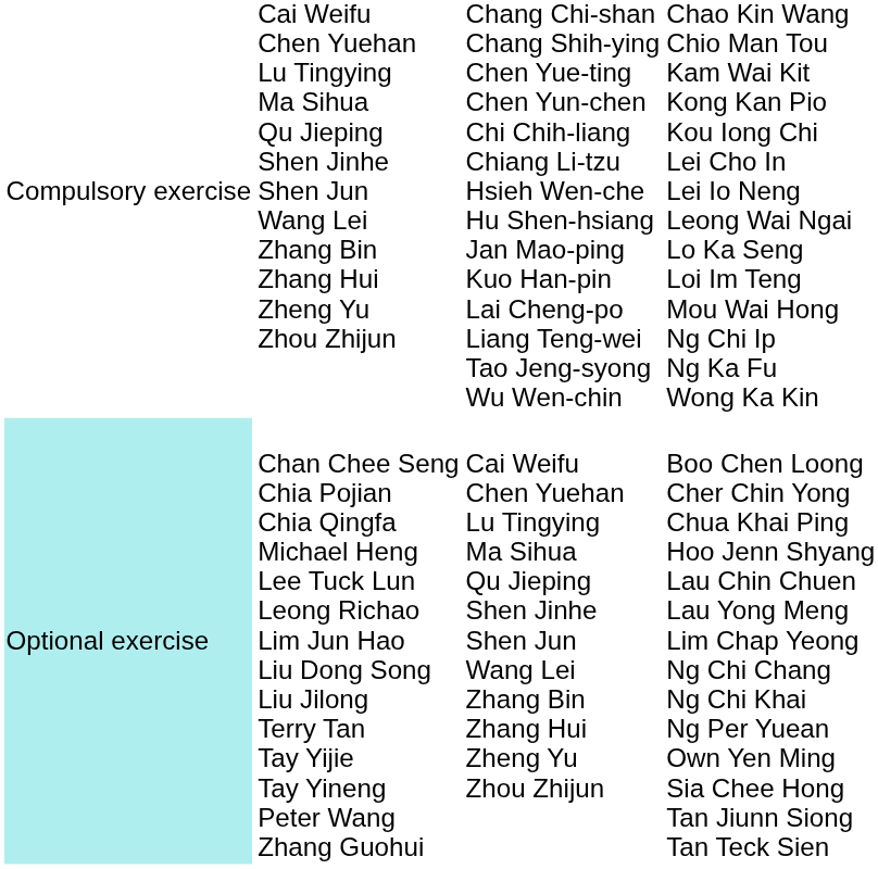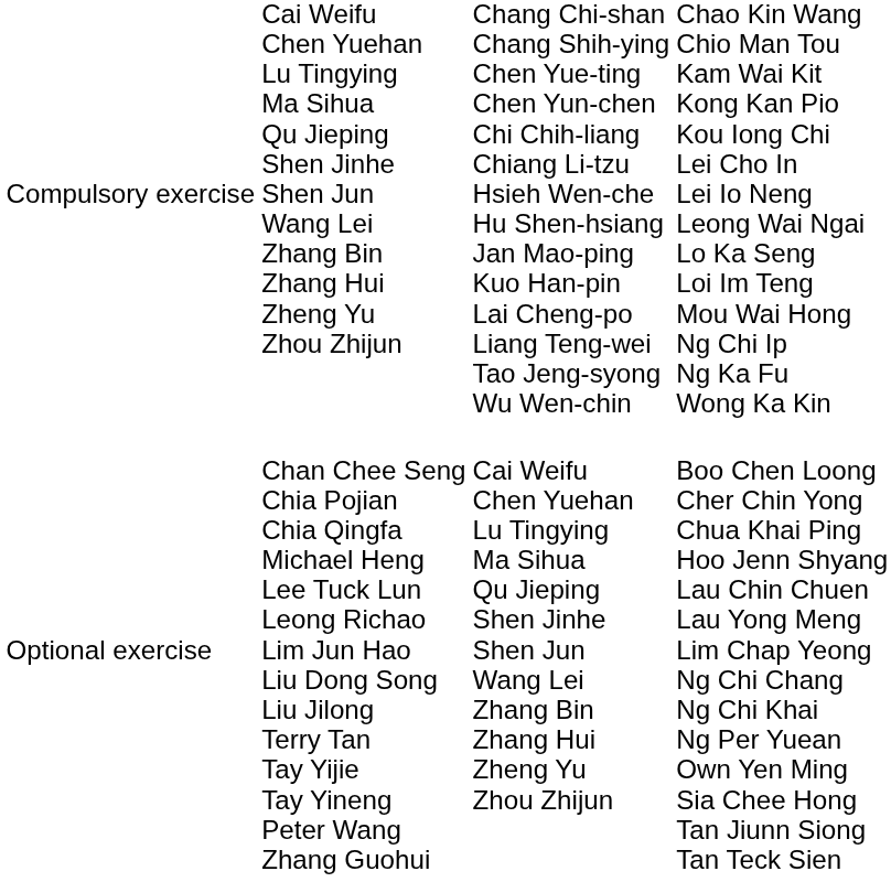 <table>
 <tr>
 <td>Compulsory exercise</td>
 <td valign=top><br>Cai Weifu<br>Chen Yuehan<br>Lu Tingying<br>Ma Sihua<br>Qu Jieping<br>Shen Jinhe<br>Shen Jun<br>Wang Lei<br>Zhang Bin<br>Zhang Hui<br>Zheng Yu<br>Zhou Zhijun</td>
 <td><br>Chang Chi-shan<br>Chang Shih-ying<br>Chen Yue-ting<br>Chen Yun-chen<br>Chi Chih-liang<br>Chiang Li-tzu<br>Hsieh Wen-che<br>Hu Shen-hsiang<br>Jan Mao-ping<br>Kuo Han-pin<br>Lai Cheng-po<br>Liang Teng-wei<br>Tao Jeng-syong<br>Wu Wen-chin</td>
 <td><br>Chao Kin Wang<br>Chio Man Tou<br>Kam Wai Kit<br>Kong Kan Pio<br>Kou Iong Chi<br>Lei Cho In<br>Lei Io Neng<br>Leong Wai Ngai<br>Lo Ka Seng<br>Loi Im Teng<br>Mou Wai Hong<br>Ng Chi Ip<br>Ng Ka Fu<br>Wong Ka Kin</td>
 </tr>
 <tr>
-<td style="background: paleturquoise;">Optional exercise</td>
+<td>Optional exercise</td>
 <td><br>Chan Chee Seng<br>Chia Pojian<br>Chia Qingfa<br>Michael Heng<br>Lee Tuck Lun<br>Leong Richao<br>Lim Jun Hao<br>Liu Dong Song<br>Liu Jilong<br>Terry Tan<br>Tay Yijie<br>Tay Yineng<br>Peter Wang<br>Zhang Guohui</td>
 <td valign=top><br>Cai Weifu<br>Chen Yuehan<br>Lu Tingying<br>Ma Sihua<br>Qu Jieping<br>Shen Jinhe<br>Shen Jun<br>Wang Lei<br>Zhang Bin<br>Zhang Hui<br>Zheng Yu<br>Zhou Zhijun</td>
 <td><br>Boo Chen Loong<br>Cher Chin Yong<br>Chua Khai Ping<br>Hoo Jenn Shyang<br>Lau Chin Chuen<br>Lau Yong Meng<br>Lim Chap Yeong<br>Ng Chi Chang<br>Ng Chi Khai<br>Ng Per Yuean<br>Own Yen Ming<br>Sia Chee Hong<br>Tan Jiunn Siong<br>Tan Teck Sien</td>
 </tr>
 </table>
